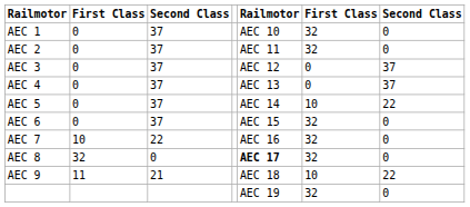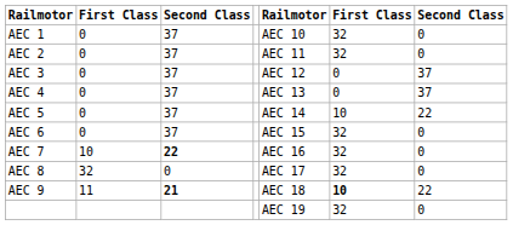 <table class="wikitable">
 <tr style="background:#FFFFFF;">
 <td><strong>Railmotor</strong></td>
 <td><strong>First Class</strong></td>
 <td><strong>Second Class</strong></td>
 <td></td>
 <td><strong>Railmotor</strong></td>
 <td><strong>First Class</strong></td>
 <td><strong>Second Class</strong></td>
 </tr>
 <tr style="background:#FFFFFF;">
 <td>AEC 1</td>
 <td>0</td>
 <td>37</td>
 <td></td>
 <td>AEC 10</td>
 <td>32</td>
 <td>0</td>
 </tr>
 <tr style="background:#FFFFFF;">
 <td>AEC 2</td>
 <td>0</td>
 <td>37</td>
 <td></td>
 <td>AEC 11</td>
 <td>32</td>
 <td>0</td>
 </tr>
 <tr style="background:#FFFFFF;">
 <td>AEC 3</td>
 <td>0</td>
 <td>37</td>
 <td></td>
 <td>AEC 12</td>
 <td>0</td>
 <td>37</td>
 </tr>
 <tr style="background:#FFFFFF;">
 <td>AEC 4</td>
 <td>0</td>
 <td>37</td>
 <td></td>
 <td>AEC 13</td>
 <td>0</td>
 <td>37</td>
 </tr>
 <tr style="background:#FFFFFF;">
 <td>AEC 5</td>
 <td>0</td>
 <td>37</td>
 <td></td>
 <td>AEC 14</td>
 <td>10</td>
 <td>22</td>
 </tr>
 <tr style="background:#FFFFFF;">
 <td>AEC 6</td>
 <td>0</td>
 <td>37</td>
 <td></td>
 <td>AEC 15</td>
 <td>32</td>
 <td>0</td>
 </tr>
 <tr style="background:#FFFFFF;">
 <td>AEC 7</td>
 <td>10</td>
-<td>22</td>
+<td><strong>22</strong></td>
 <td></td>
 <td>AEC 16</td>
 <td>32</td>
 <td>0</td>
 </tr>
 <tr style="background:#FFFFFF;">
 <td>AEC 8</td>
 <td>32</td>
 <td>0</td>
 <td></td>
-<td><strong>AEC 17</strong></td>
+<td>AEC 17</td>
 <td>32</td>
 <td>0</td>
 </tr>
 <tr style="background:#FFFFFF;">
 <td>AEC 9</td>
 <td>11</td>
-<td>21</td>
+<td><strong>21</strong></td>
 <td></td>
 <td>AEC 18</td>
-<td>10</td>
+<td><strong>10</strong></td>
 <td>22</td>
 </tr>
 <tr style="background:#FFFFFF;">
 <td></td>
 <td></td>
 <td></td>
 <td></td>
 <td>AEC 19</td>
 <td>32</td>
 <td>0</td>
 </tr>
 </table>
